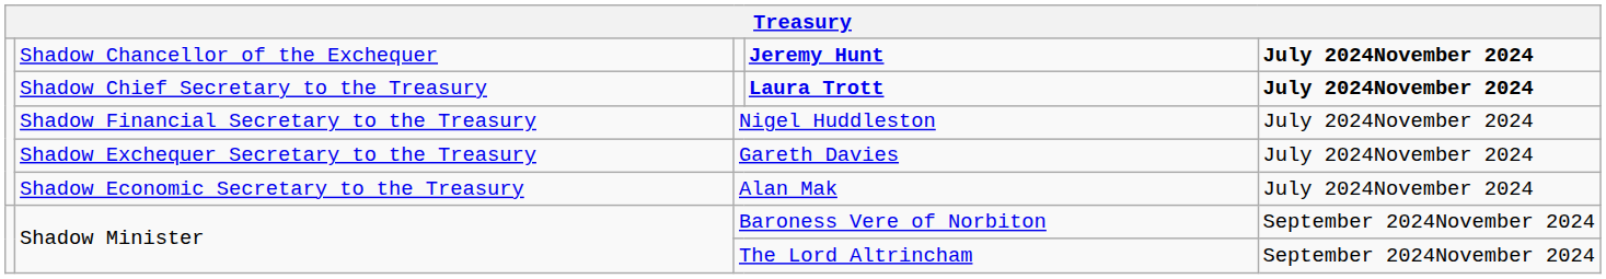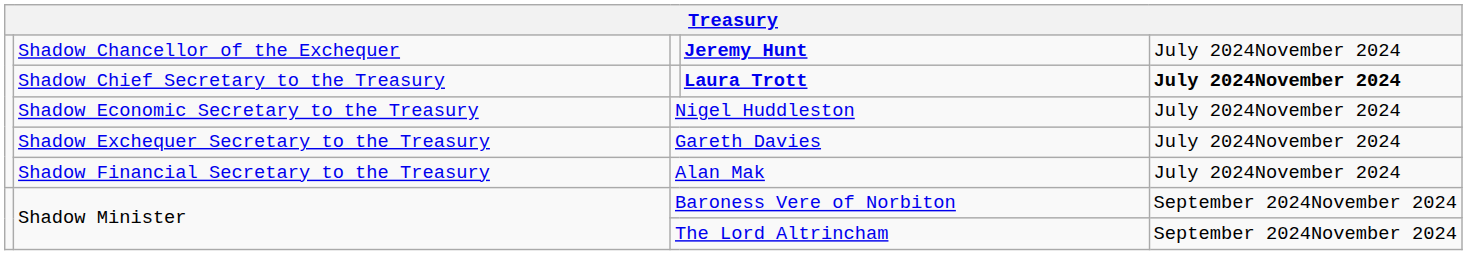 <table class="wikitable">
 <tr>
 <th colspan="5"><a href='#'>Treasury</a></th>
 </tr>
 <tr>
 <td rowspan="5" style="background: "></td>
 <td style="width: 450px;"><a href='#'>Shadow Chancellor of the Exchequer</a></td>
 <td style="background: "></td>
 <td style="width: 320px;"><strong><a href='#'>Jeremy Hunt</a></strong></td>
-<td><strong>July 2024November 2024</strong></td>
+<td>July 2024November 2024</td>
 </tr>
 <tr>
 <td><a href='#'>Shadow Chief Secretary to the Treasury</a></td>
 <td style="background: "></td>
 <td><strong><a href='#'>Laura Trott</a></strong></td>
 <td><strong>July 2024November 2024</strong></td>
 </tr>
 <tr>
-<td><a href='#'>Shadow Financial Secretary to the Treasury</a></td>
+<td><a href='#'>Shadow Economic Secretary to the Treasury</a></td>
 <td colspan="2"><a href='#'>Nigel Huddleston</a></td>
 <td>July 2024November 2024</td>
 </tr>
 <tr>
 <td><a href='#'>Shadow Exchequer Secretary to the Treasury</a></td>
 <td colspan="2"><a href='#'>Gareth Davies</a></td>
 <td>July 2024November 2024</td>
 </tr>
 <tr>
-<td><a href='#'>Shadow Economic Secretary to the Treasury</a></td>
+<td><a href='#'>Shadow Financial Secretary to the Treasury</a></td>
 <td colspan="2"><a href='#'>Alan Mak</a></td>
 <td>July 2024November 2024</td>
 </tr>
 <tr>
 <td rowspan="2" style="background: "></td>
 <td rowspan="2">Shadow Minister</td>
 <td colspan="2"><a href='#'>Baroness Vere of Norbiton</a></td>
 <td>September 2024November 2024</td>
 </tr>
 <tr>
 <td colspan="2"><a href='#'>The Lord Altrincham</a></td>
 <td>September 2024November 2024</td>
 </tr>
 </table>
